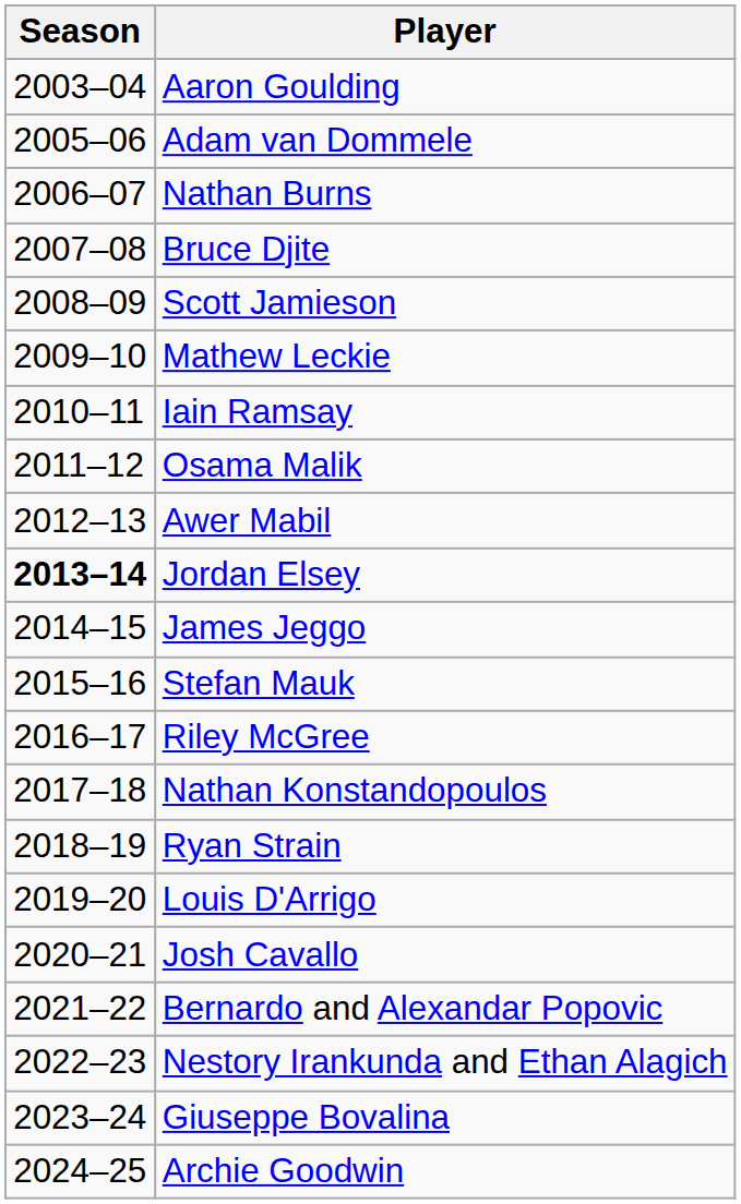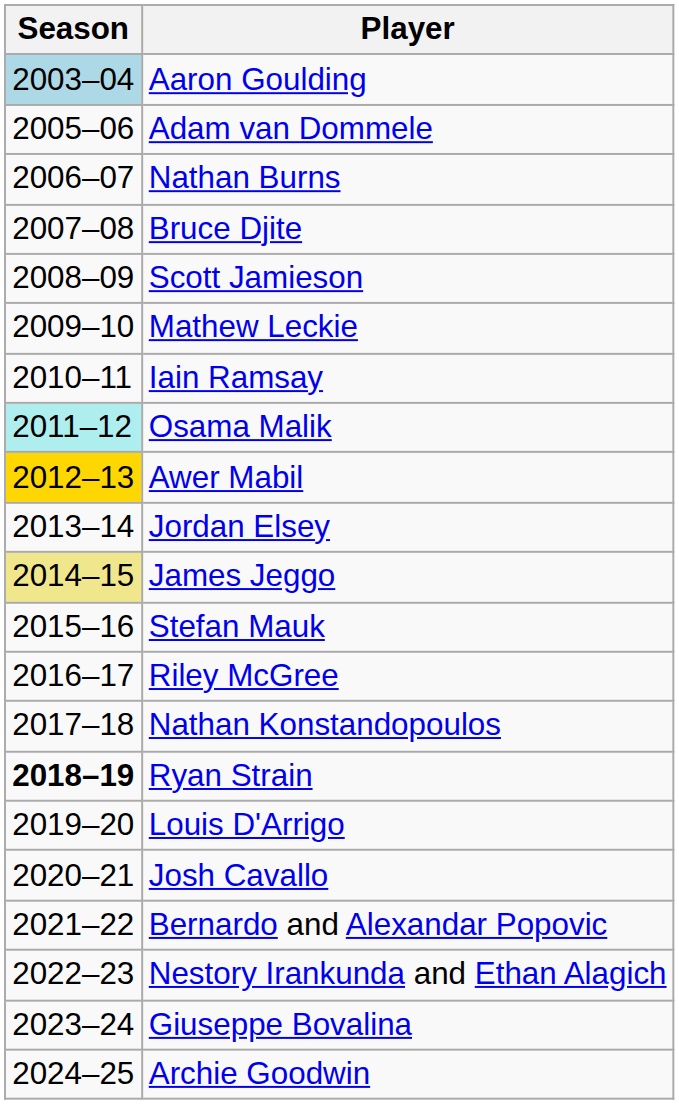 <table class="wikitable">
 <tr>
 <th>Season</th>
 <th>Player</th>
 </tr>
 <tr>
-<td>2003–04</td>
+<td style="background: lightblue;">2003–04</td>
 <td> <a href='#'>Aaron Goulding</a></td>
 </tr>
 <tr>
 <td>2005–06</td>
 <td> <a href='#'>Adam van Dommele</a></td>
 </tr>
 <tr>
 <td>2006–07</td>
 <td> <a href='#'>Nathan Burns</a></td>
 </tr>
 <tr>
 <td>2007–08</td>
 <td> <a href='#'>Bruce Djite</a></td>
 </tr>
 <tr>
 <td>2008–09</td>
 <td> <a href='#'>Scott Jamieson</a></td>
 </tr>
 <tr>
 <td>2009–10</td>
 <td> <a href='#'>Mathew Leckie</a></td>
 </tr>
 <tr>
 <td>2010–11</td>
 <td> <a href='#'>Iain Ramsay</a></td>
 </tr>
 <tr>
-<td>2011–12</td>
+<td style="background: paleturquoise;">2011–12</td>
 <td> <a href='#'>Osama Malik</a></td>
 </tr>
 <tr>
-<td>2012–13</td>
+<td style="background: gold;">2012–13</td>
 <td> <a href='#'>Awer Mabil</a></td>
 </tr>
 <tr>
-<td><strong>2013–14</strong></td>
+<td>2013–14</td>
 <td> <a href='#'>Jordan Elsey</a></td>
 </tr>
 <tr>
-<td>2014–15</td>
+<td style="background: khaki;">2014–15</td>
 <td> <a href='#'>James Jeggo</a></td>
 </tr>
 <tr>
 <td>2015–16</td>
 <td> <a href='#'>Stefan Mauk</a></td>
 </tr>
 <tr>
 <td>2016–17</td>
 <td> <a href='#'>Riley McGree</a></td>
 </tr>
 <tr>
 <td>2017–18</td>
 <td> <a href='#'>Nathan Konstandopoulos</a></td>
 </tr>
 <tr>
-<td>2018–19</td>
+<td><strong>2018–19</strong></td>
 <td> <a href='#'>Ryan Strain</a></td>
 </tr>
 <tr>
 <td>2019–20</td>
 <td> <a href='#'>Louis D'Arrigo</a></td>
 </tr>
 <tr>
 <td>2020–21</td>
 <td> <a href='#'>Josh Cavallo</a></td>
 </tr>
 <tr>
 <td>2021–22</td>
 <td> <a href='#'>Bernardo</a> and  <a href='#'>Alexandar Popovic</a></td>
 </tr>
 <tr>
 <td>2022–23</td>
 <td> <a href='#'>Nestory Irankunda</a> and  <a href='#'>Ethan Alagich</a></td>
 </tr>
 <tr>
 <td>2023–24</td>
 <td> <a href='#'>Giuseppe Bovalina</a></td>
 </tr>
 <tr>
 <td>2024–25</td>
 <td> <a href='#'>Archie Goodwin</a></td>
 </tr>
 </table>
